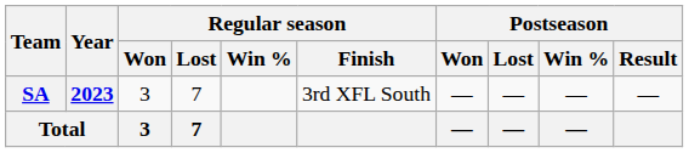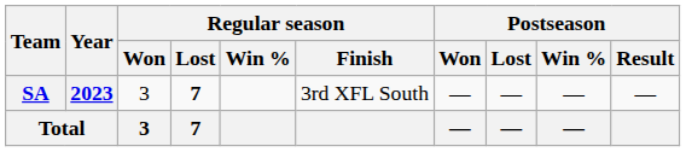 <table class="wikitable" style="font-size: 95%; text-align:center;">
 <tr>
 <th rowspan="2">Team</th>
 <th rowspan="2">Year</th>
 <th colspan="4">Regular season</th>
 <th colspan="4">Postseason</th>
 </tr>
 <tr>
 <th>Won</th>
 <th>Lost</th>
 <th>Win %</th>
 <th>Finish</th>
 <th>Won</th>
 <th>Lost</th>
 <th>Win %</th>
 <th>Result</th>
 </tr>
 <tr>
 <th><a href='#'>SA</a></th>
 <th><a href='#'>2023</a></th>
 <td>3</td>
-<td>7</td>
+<td><strong>7</strong></td>
 <td></td>
 <td>3rd XFL South</td>
 <td>—</td>
 <td>—</td>
 <td>—</td>
 <td>—</td>
 </tr>
 <tr>
 <th colspan="2">Total</th>
 <th>3</th>
 <th>7</th>
 <th></th>
 <th></th>
 <th>—</th>
 <th>—</th>
 <th>—</th>
 <th></th>
 </tr>
 </table>
